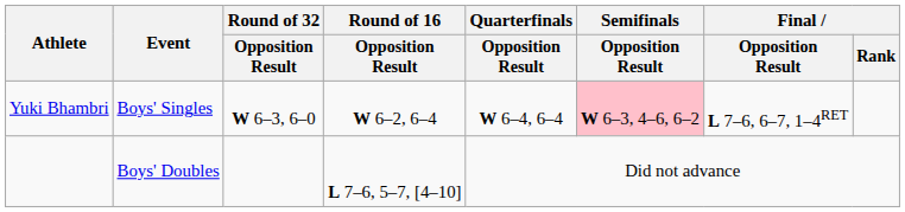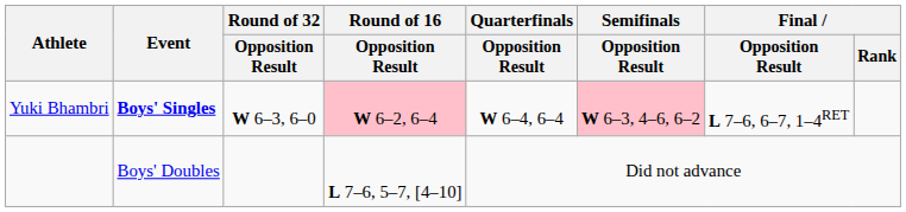 <table class="wikitable" style="font-size:90%;">
 <tr>
 <th rowspan=2>Athlete</th>
 <th rowspan=2>Event</th>
 <th>Round of 32</th>
 <th>Round of 16</th>
 <th>Quarterfinals</th>
 <th>Semifinals</th>
 <th colspan=2>Final / </th>
 </tr>
 <tr style="font-size:95%">
 <th>Opposition<br>Result</th>
 <th>Opposition<br>Result</th>
 <th>Opposition<br>Result</th>
 <th>Opposition<br>Result</th>
 <th>Opposition<br>Result</th>
 <th>Rank</th>
 </tr>
 <tr align=center>
 <td align=left><a href='#'>Yuki Bhambri</a></td>
-<td align=left><a href='#'>Boys' Singles</a></td>
+<td align=left><strong><a href='#'>Boys' Singles</a></strong></td>
 <td><br><strong>W</strong> 6–3, 6–0</td>
-<td><br><strong>W</strong> 6–2, 6–4</td>
+<td style="background: pink;"><br><strong>W</strong> 6–2, 6–4</td>
 <td><br><strong>W</strong> 6–4, 6–4</td>
 <td style="background: pink;"><br><strong>W</strong> 6–3, 4–6, 6–2</td>
 <td><br><strong>L</strong> 7–6, 6–7, 1–4<sup>RET</sup></td>
 <td></td>
 </tr>
 <tr align=center>
 <td align=left> <br></td>
 <td align=left><a href='#'>Boys' Doubles</a></td>
 <td></td>
 <td><br><br><strong>L</strong>  7–6, 5–7, [4–10]</td>
 <td colspan=4>Did not advance</td>
 </tr>
 </table>
